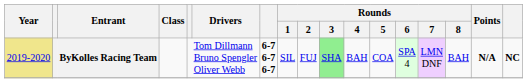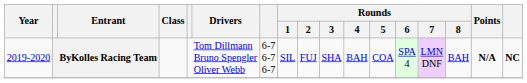 <table class="wikitable" style="text-align:center; font-size:90%">
 <tr>
 <th rowspan="2">Year</th>
 <th rowspan="2"></th>
 <th rowspan="2">Entrant</th>
 <th rowspan="2">Class</th>
 <th rowspan="2"></th>
 <th rowspan="2">Drivers</th>
 <th rowspan="2"></th>
 <th colspan="8">Rounds</th>
 <th rowspan="2">Points</th>
 <th rowspan="2"></th>
 </tr>
 <tr>
 <th>1</th>
 <th>2</th>
 <th>3</th>
 <th>4</th>
 <th>5</th>
 <th>6</th>
 <th>7</th>
 <th>8</th>
 </tr>
 <tr>
-<td rowspan="1" style="background: khaki;"><a href='#'>2019-2020</a></td>
+<td rowspan="1"><a href='#'>2019-2020</a></td>
 <th rowspan="1" style="border-right:0px"></th>
 <th rowspan="1" align="left" style="border-left:0px">ByKolles Racing Team</th>
 <td rowspan="1"></td>
 <td style="border-right:0px"><br><br></td>
 <td align="left" style="border-left:0px"><a href='#'>Tom Dillmann</a><br><a href='#'>Bruno Spengler</a><br><a href='#'>Oliver Webb</a></td>
-<td><strong>6-7<br>6-7<br>6-7</strong></td>
+<td>6-7<br>6-7<br>6-7</td>
 <td><a href='#'>SIL</a></td>
 <td><a href='#'>FUJ</a></td>
-<td style="background: lightgreen;"><a href='#'>SHA</a></td>
+<td><a href='#'>SHA</a></td>
 <td><a href='#'>BAH</a></td>
 <td><a href='#'>COA</a></td>
 <td style="background:#dfffdf;"><a href='#'>SPA</a><br>4</td>
 <td style="background:#EFCFFF;"><a href='#'>LMN</a><br>DNF</td>
 <td><a href='#'>BAH</a></td>
 <td style="background:;"><strong>N/A</strong></td>
 <td style="background:;"><strong>NC</strong></td>
 </tr>
 <tr>
 </tr>
 </table>
